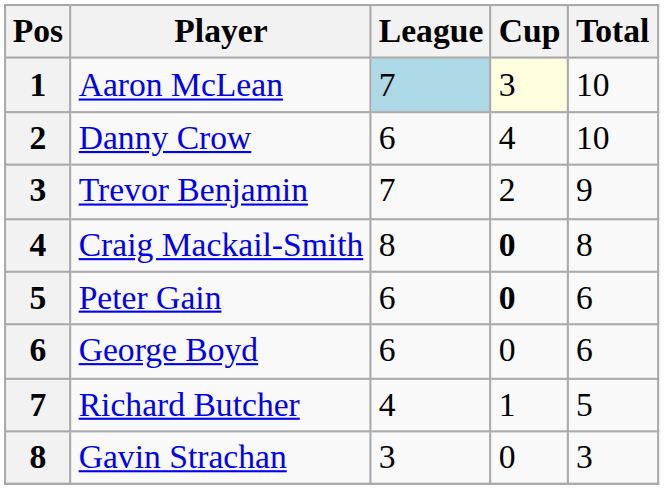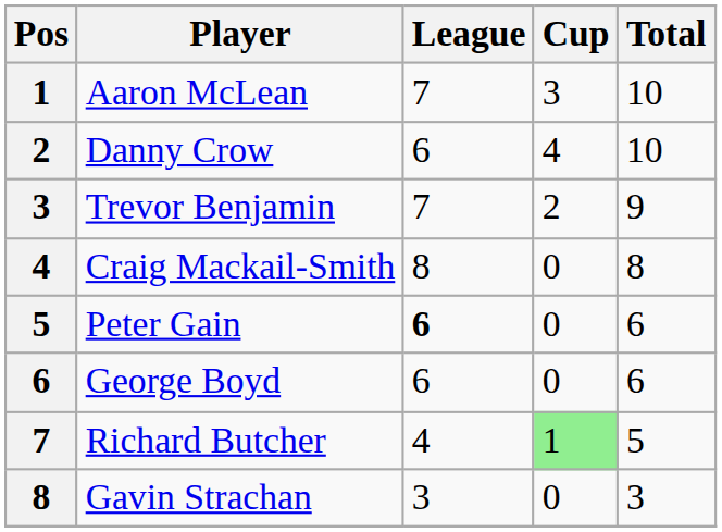 <table class="wikitable">
 <tr>
 <th>Pos</th>
 <th>Player</th>
 <th>League</th>
 <th>Cup</th>
 <th>Total </th>
 </tr>
 <tr>
 <th>1</th>
 <td> <a href='#'>Aaron McLean</a></td>
-<td style="background: lightblue;">7</td>
-<td style="background: lightyellow;">3</td>
+<td>7</td>
+<td>3</td>
 <td>10</td>
 </tr>
 <tr>
 <th>2</th>
 <td> <a href='#'>Danny Crow</a></td>
 <td>6</td>
 <td>4</td>
 <td>10</td>
 </tr>
 <tr>
 <th>3</th>
 <td> <a href='#'>Trevor Benjamin</a></td>
 <td>7</td>
 <td>2</td>
 <td>9</td>
 </tr>
 <tr>
 <th>4</th>
 <td> <a href='#'>Craig Mackail-Smith</a></td>
 <td>8</td>
-<td><strong>0</strong></td>
+<td>0</td>
 <td>8</td>
 </tr>
 <tr>
 <th>5</th>
 <td> <a href='#'>Peter Gain</a></td>
-<td>6</td>
-<td><strong>0</strong></td>
+<td><strong>6</strong></td>
+<td>0</td>
 <td>6</td>
 </tr>
 <tr>
 <th>6</th>
 <td> <a href='#'>George Boyd</a></td>
 <td>6</td>
 <td>0</td>
 <td>6</td>
 </tr>
 <tr>
 <th>7</th>
 <td> <a href='#'>Richard Butcher</a></td>
 <td>4</td>
-<td>1</td>
+<td style="background: lightgreen;">1</td>
 <td>5</td>
 </tr>
 <tr>
 <th>8</th>
 <td> <a href='#'>Gavin Strachan</a></td>
 <td>3</td>
 <td>0</td>
 <td>3</td>
 </tr>
 <tr>
 </tr>
 </table>
